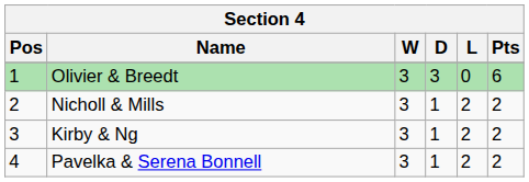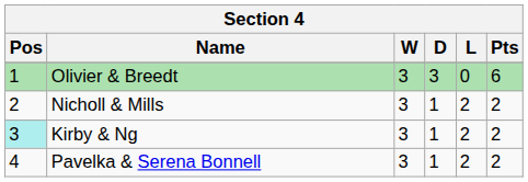 <table class="wikitable">
 <tr>
 <th colspan="6">Section 4</th>
 </tr>
 <tr>
 <th width=30>Pos</th>
 <th width=300>Name</th>
 <th width=20>W</th>
 <th width=20>D</th>
 <th width=20>L</th>
 <th width=20>Pts</th>
 </tr>
 <tr>
 </tr>
 <tr style="background:#ACE1AF;">
 <td>1</td>
 <td> Olivier & Breedt</td>
 <td>3</td>
 <td>3</td>
 <td>0</td>
 <td>6</td>
 </tr>
 <tr>
 <td>2</td>
 <td> Nicholl & Mills</td>
 <td>3</td>
 <td>1</td>
 <td>2</td>
 <td>2</td>
 </tr>
 <tr>
-<td>3</td>
+<td style="background: paleturquoise;">3</td>
 <td> Kirby & Ng</td>
 <td>3</td>
 <td>1</td>
 <td>2</td>
 <td>2</td>
 </tr>
 <tr>
 <td>4</td>
 <td> Pavelka &  <a href='#'>Serena Bonnell</a></td>
 <td>3</td>
 <td>1</td>
 <td>2</td>
 <td>2</td>
 </tr>
 </table>
